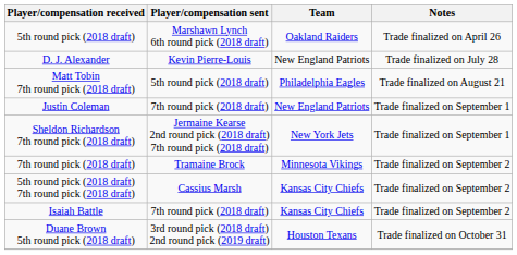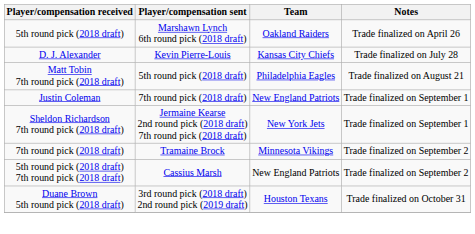 <table class="wikitable" style="text-align:center">
 <tr>
 <th>Player/compensation received</th>
 <th>Player/compensation sent</th>
 <th>Team</th>
 <th>Notes</th>
 </tr>
 <tr>
 <td>5th round pick (<a href='#'>2018 draft</a>)</td>
 <td><a href='#'>Marshawn Lynch</a><br>6th round pick (<a href='#'>2018 draft</a>)</td>
 <td><a href='#'>Oakland Raiders</a></td>
 <td>Trade finalized on April 26</td>
 </tr>
 <tr>
 <td><a href='#'>D. J. Alexander</a></td>
 <td><a href='#'>Kevin Pierre-Louis</a></td>
-<td>New England Patriots</td>
+<td><a href='#'>Kansas City Chiefs</a></td>
 <td>Trade finalized on July 28</td>
 </tr>
 <tr>
 <td><a href='#'>Matt Tobin</a><br>7th round pick (<a href='#'>2018 draft</a>)</td>
 <td>5th round pick (<a href='#'>2018 draft</a>)</td>
 <td><a href='#'>Philadelphia Eagles</a></td>
 <td>Trade finalized on August 21</td>
 </tr>
 <tr>
 <td><a href='#'>Justin Coleman</a></td>
 <td>7th round pick (<a href='#'>2018 draft</a>)</td>
 <td><a href='#'>New England Patriots</a></td>
 <td>Trade finalized on September 1</td>
 </tr>
 <tr>
 <td><a href='#'>Sheldon Richardson</a><br>7th round pick (<a href='#'>2018 draft</a>)</td>
 <td><a href='#'>Jermaine Kearse</a><br>2nd round pick (<a href='#'>2018 draft</a>)<br>7th round pick (<a href='#'>2018 draft</a>)</td>
 <td><a href='#'>New York Jets</a></td>
 <td>Trade finalized on September 1</td>
 </tr>
 <tr>
 <td>7th round pick (<a href='#'>2018 draft</a>)</td>
 <td><a href='#'>Tramaine Brock</a></td>
 <td><a href='#'>Minnesota Vikings</a></td>
 <td>Trade finalized on September 2</td>
 </tr>
 <tr>
 <td>5th round pick (<a href='#'>2018 draft</a>)<br>7th round pick (<a href='#'>2018 draft</a>)</td>
 <td><a href='#'>Cassius Marsh</a></td>
-<td><a href='#'>Kansas City Chiefs</a></td>
-<td>Trade finalized on September 2</td>
-</tr>
-<tr>
-<td><a href='#'>Isaiah Battle</a></td>
-<td>7th round pick (<a href='#'>2018 draft</a>)</td>
-<td><a href='#'>Kansas City Chiefs</a></td>
+<td>New England Patriots</td>
 <td>Trade finalized on September 2</td>
 </tr>
 <tr>
 <td><a href='#'>Duane Brown</a><br>5th round pick (<a href='#'>2018 draft</a>)</td>
 <td>3rd round pick (<a href='#'>2018 draft</a>)<br>2nd round pick (<a href='#'>2019 draft</a>)</td>
 <td><a href='#'>Houston Texans</a></td>
 <td>Trade finalized on October 31</td>
 </tr>
 <tr>
 </tr>
 </table>
